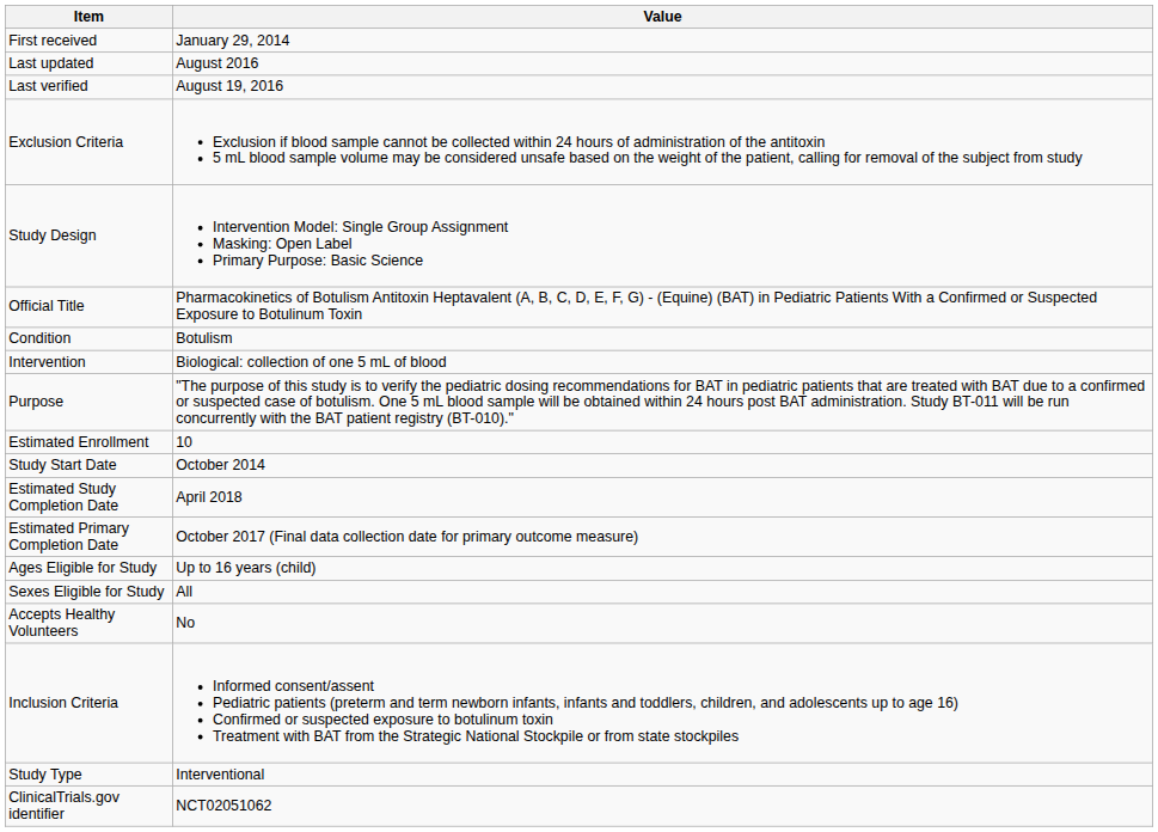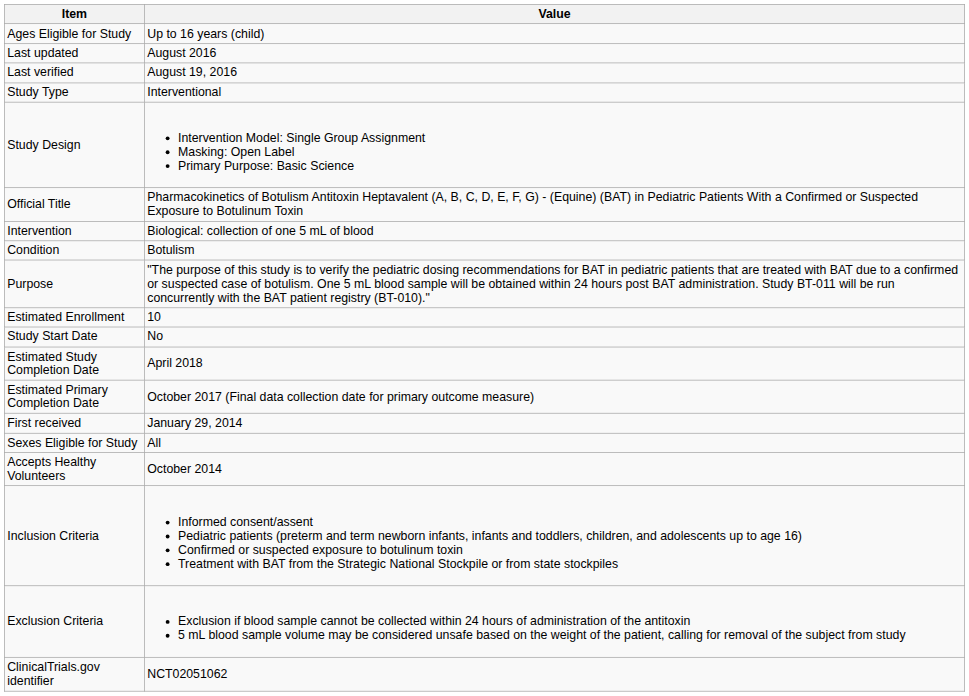 <table class="wikitable">
 <tr>
 <th>Item</th>
 <th>Value</th>
 </tr>
 <tr>
-<td>First received</td>
-<td>January 29, 2014</td>
+<td>Ages Eligible for Study</td>
+<td>Up to 16 years (child)</td>
 </tr>
 <tr>
 <td>Last updated</td>
 <td>August 2016</td>
 </tr>
 <tr>
 <td>Last verified</td>
 <td>August 19, 2016</td>
 </tr>
 <tr>
-<td>Exclusion Criteria</td>
-<td><br><ul><li>Exclusion if blood sample cannot be collected within 24 hours of administration of the antitoxin</li><li>5 mL blood sample volume may be considered unsafe based on the weight of the patient, calling for removal of the subject from study</li></ul></td>
+<td>Study Type</td>
+<td>Interventional</td>
 </tr>
 <tr>
 <td>Study Design</td>
 <td><br><ul><li>Intervention Model: Single Group Assignment</li><li>Masking: Open Label</li><li>Primary Purpose: Basic Science</li></ul></td>
 </tr>
 <tr>
 <td>Official Title</td>
 <td>Pharmacokinetics of Botulism Antitoxin Heptavalent (A, B, C, D, E, F, G) - (Equine) (BAT) in Pediatric Patients With a Confirmed or Suspected Exposure to Botulinum Toxin</td>
 </tr>
 <tr>
+<td>Intervention</td>
+<td>Biological: collection of one 5 mL of blood</td>
+</tr>
+<tr>
 <td>Condition</td>
 <td>Botulism</td>
-</tr>
-<tr>
-<td>Intervention</td>
-<td>Biological: collection of one 5 mL of blood</td>
 </tr>
 <tr>
 <td>Purpose</td>
 <td>"The purpose of this study is to verify the pediatric dosing recommendations for BAT in pediatric patients that are treated with BAT due to a confirmed or suspected case of botulism. One 5 mL blood sample will be obtained within 24 hours post BAT administration. Study BT-011 will be run concurrently with the BAT patient registry (BT-010)."</td>
 </tr>
 <tr>
 <td>Estimated Enrollment</td>
 <td>10</td>
 </tr>
 <tr>
 <td>Study Start Date</td>
-<td>October 2014</td>
+<td>No</td>
 </tr>
 <tr>
 <td>Estimated Study Completion Date</td>
 <td>April 2018</td>
 </tr>
 <tr>
 <td>Estimated Primary Completion Date</td>
 <td>October 2017 (Final data collection date for primary outcome measure)</td>
 </tr>
 <tr>
-<td>Ages Eligible for Study</td>
-<td>Up to 16 years (child)</td>
+<td>First received</td>
+<td>January 29, 2014</td>
 </tr>
 <tr>
 <td>Sexes Eligible for Study</td>
 <td>All</td>
 </tr>
 <tr>
 <td>Accepts Healthy Volunteers</td>
-<td>No</td>
+<td>October 2014</td>
 </tr>
 <tr>
 <td>Inclusion Criteria</td>
 <td><br><ul><li>Informed consent/assent</li><li>Pediatric patients (preterm and term newborn infants, infants and toddlers, children, and adolescents up to age 16)</li><li>Confirmed or suspected exposure to botulinum toxin</li><li>Treatment with BAT from the Strategic National Stockpile or from state stockpiles</li></ul></td>
 </tr>
 <tr>
-<td>Study Type</td>
-<td>Interventional</td>
+<td>Exclusion Criteria</td>
+<td><br><ul><li>Exclusion if blood sample cannot be collected within 24 hours of administration of the antitoxin</li><li>5 mL blood sample volume may be considered unsafe based on the weight of the patient, calling for removal of the subject from study</li></ul></td>
 </tr>
 <tr>
 <td>ClinicalTrials.gov identifier</td>
 <td>NCT02051062</td>
 </tr>
 </table>
